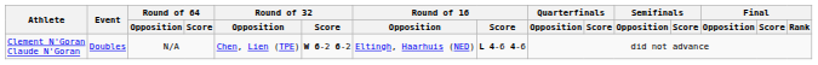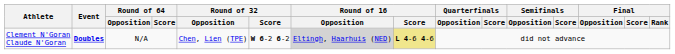 <table class=wikitable style="font-size:90%">
 <tr>
 <th rowspan="2">Athlete</th>
 <th rowspan="2">Event</th>
 <th colspan="2">Round of 64</th>
 <th colspan="2">Round of 32</th>
 <th colspan="2">Round of 16</th>
 <th colspan="2">Quarterfinals</th>
 <th colspan="2">Semifinals</th>
 <th colspan="3">Final</th>
 </tr>
 <tr>
 <th>Opposition</th>
 <th>Score</th>
 <th>Opposition</th>
 <th>Score</th>
 <th>Opposition</th>
 <th>Score</th>
 <th>Opposition</th>
 <th>Score</th>
 <th>Opposition</th>
 <th>Score</th>
 <th>Opposition</th>
 <th>Score</th>
 <th>Rank</th>
 </tr>
 <tr>
 <td><a href='#'>Clement N'Goran</a><br><a href='#'>Claude N'Goran</a></td>
-<td><a href='#'>Doubles</a></td>
+<td><strong><a href='#'>Doubles</a></strong></td>
 <td align=center colspan=2>N/A</td>
 <td> <a href='#'>Chen</a>, <a href='#'>Lien</a> (<a href='#'>TPE</a>)</td>
 <td><strong>W</strong> <strong>6</strong>-2 <strong>6</strong>-2</td>
-<td> <a href='#'>Eltingh</a>, <a href='#'>Haarhuis</a> (<a href='#'>NED</a>)</td>
-<td><strong>L</strong> <strong>4</strong>-6 <strong>4</strong>-6</td>
+<td style="background: lightgrey;"> <a href='#'>Eltingh</a>, <a href='#'>Haarhuis</a> (<a href='#'>NED</a>)</td>
+<td style="background: khaki;"><strong>L</strong> <strong>4</strong>-6 <strong>4</strong>-6</td>
 <td align=center colspan=7>did not advance</td>
 </tr>
 </table>
